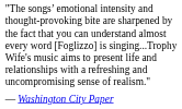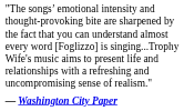 <table class="toccolours" style="float: right; margin-left: 1em; margin-right: 2em; font-size: 85%; background:offwhite; color:black; width:18em; max-width: 40%;" cellspacing="5">
 <tr>
 <td style="text-align: left;">"The songs’ emotional intensity and thought-provoking bite are sharpened by the fact that you can understand almost every word [Foglizzo] is singing...Trophy Wife's music aims to present life and relationships with a refreshing and uncompromising sense of realism."</td>
 </tr>
 <tr>
-<td style="text-align: left;">— <em><a href='#'>Washington City Paper</a></em> </td>
+<td style="text-align: left;"><strong>— <em><a href='#'>Washington City Paper</a></em> </strong></td>
 </tr>
 </table>
